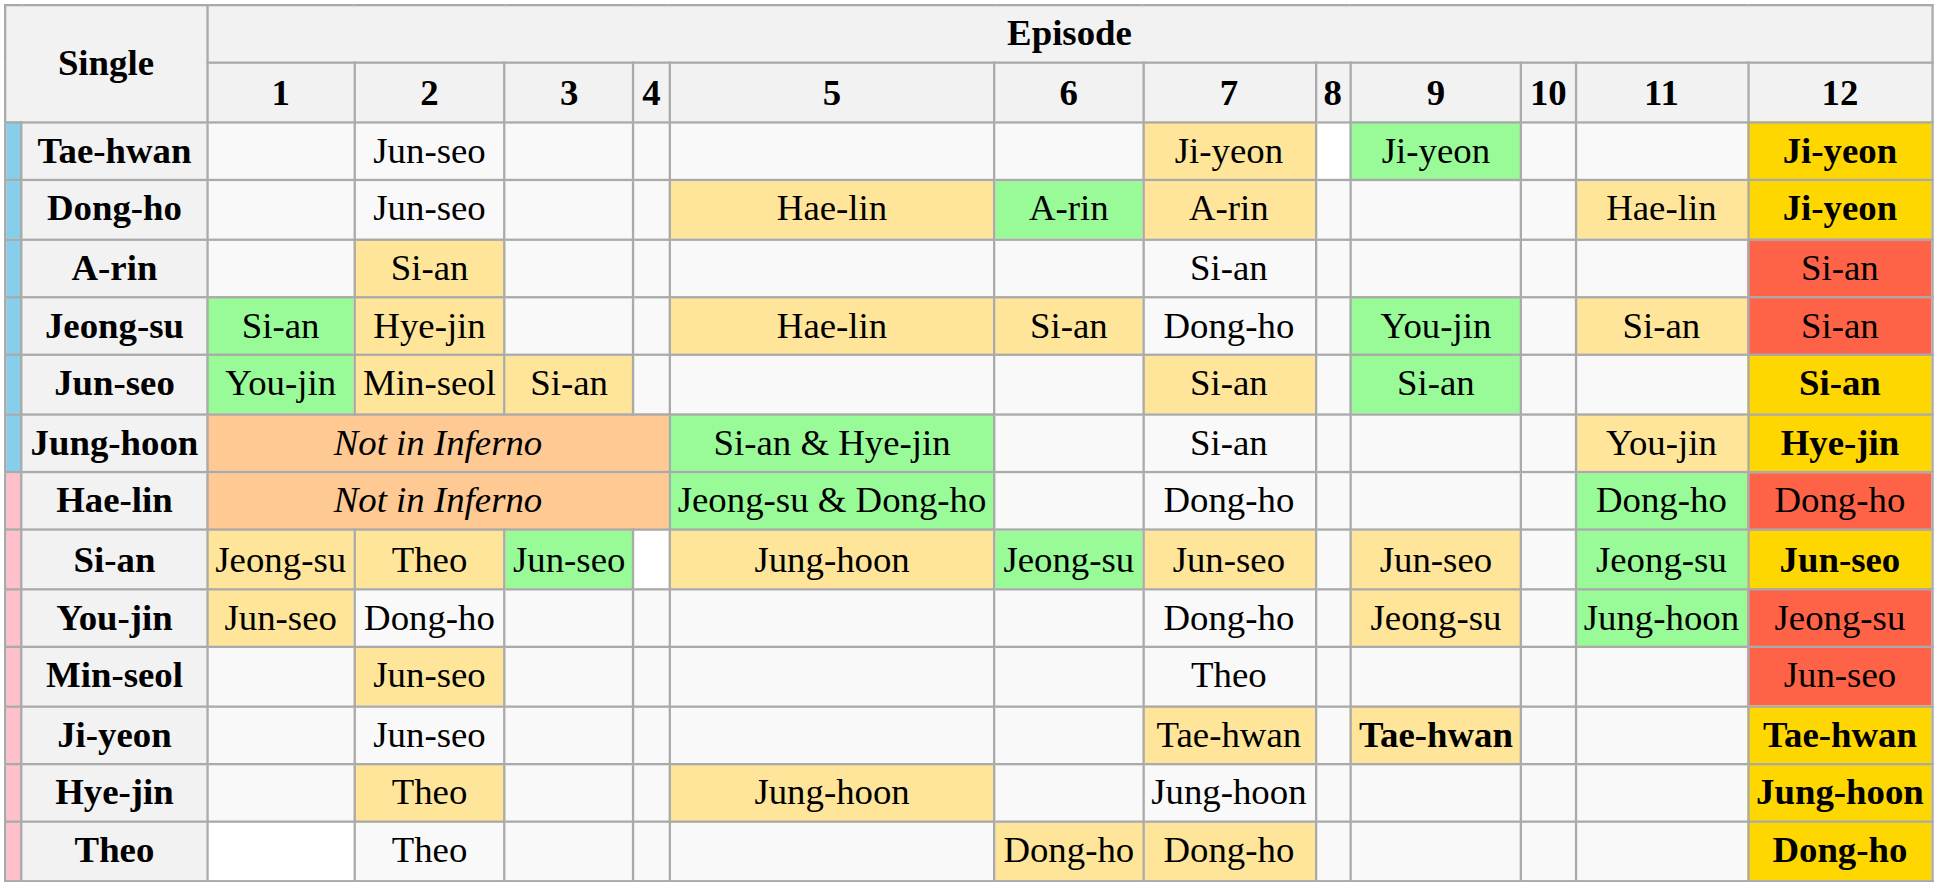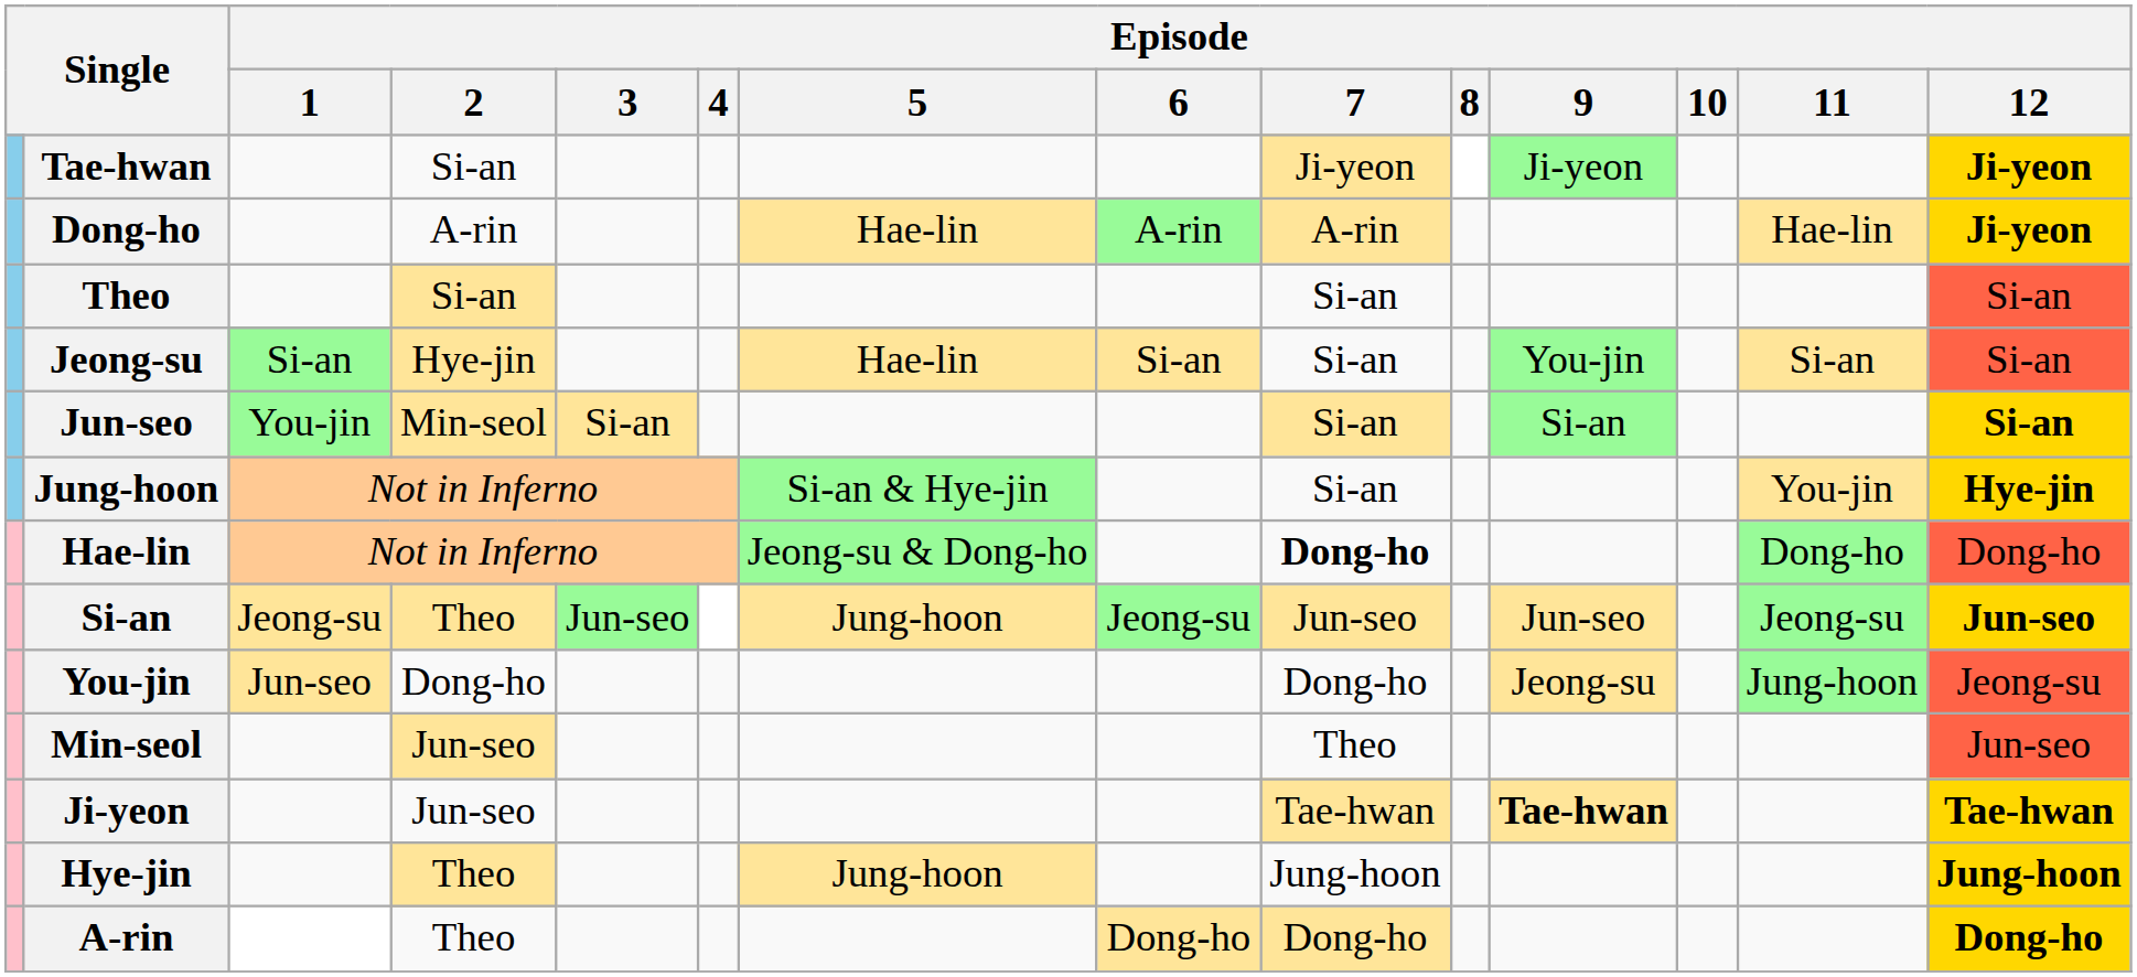 <table class="wikitable" style="text-align:center">
 <tr>
 <th colspan="2" rowspan="2">Single</th>
 <th colspan="14">Episode</th>
 </tr>
 <tr>
 <th>1</th>
 <th>2</th>
 <th>3</th>
 <th>4</th>
 <th>5</th>
 <th>6</th>
 <th>7</th>
 <th>8</th>
 <th>9</th>
 <th>10</th>
 <th>11</th>
 <th>12</th>
 </tr>
 <tr>
 <td style="background:skyblue"></td>
 <th>Tae-hwan</th>
 <td style="background:#white"></td>
-<td style="background:#white">Jun-seo</td>
+<td style="background:#white">Si-an</td>
 <td style="background:#white"></td>
 <td style="background:#white"></td>
 <td style="background:#white"></td>
 <td style="background:#white"></td>
 <td style="background:#ffe599">Ji-yeon</td>
 <td style="background:white"></td>
 <td style="background:palegreen">Ji-yeon</td>
 <td style="background:#white"></td>
 <td style="background:#white"></td>
 <td style="background:gold"><strong>Ji-yeon</strong></td>
 </tr>
 <tr>
 <td style="background:skyblue"></td>
 <th>Dong-ho</th>
 <td style="background:#white"></td>
-<td style="background:#white">Jun-seo</td>
+<td style="background:#white">A-rin</td>
 <td style="background:#white"></td>
 <td style="background:#white"></td>
 <td style="background:#ffe599">Hae-lin</td>
 <td style="background:palegreen">A-rin</td>
 <td style="background:#ffe599">A-rin</td>
 <td style="background:#white"></td>
 <td style="background:#white"></td>
 <td style="background:#white"></td>
 <td style="background:#ffe599">Hae-lin</td>
 <td style="background:gold"><strong>Ji-yeon</strong></td>
 </tr>
 <tr>
 <td style="background:skyblue"></td>
-<th>A-rin</th>
+<th>Theo</th>
 <td style="background:#white"></td>
 <td style="background:#ffe599">Si-an</td>
 <td style="background:#white"></td>
 <td style="background:#white"></td>
 <td style="background:#white"></td>
 <td style="background:#white"></td>
 <td style="background:#white">Si-an</td>
 <td style="background:#white"></td>
 <td style="background:#white"></td>
 <td style="background:#white"></td>
 <td style="background:#white"></td>
 <td style="background:tomato">Si-an</td>
 </tr>
 <tr>
 <td style="background:skyblue"></td>
 <th>Jeong-su</th>
 <td style="background:palegreen">Si-an</td>
 <td style="background:#ffe599">Hye-jin</td>
 <td style="background:#white"></td>
 <td style="background:#white"></td>
 <td style="background:#ffe599">Hae-lin</td>
 <td style="background:#ffe599">Si-an</td>
-<td style="background:#white">Dong-ho</td>
+<td style="background:#white">Si-an</td>
 <td style="background:#white"></td>
 <td style="background:palegreen">You-jin</td>
 <td style="background:#white"></td>
 <td style="background:#ffe599">Si-an</td>
 <td style="background:tomato">Si-an</td>
 </tr>
 <tr>
 <td style="background:skyblue"></td>
 <th>Jun-seo</th>
 <td style="background:palegreen">You-jin</td>
 <td style="background:#ffe599">Min-seol</td>
 <td style="background:#ffe599">Si-an</td>
 <td style="background:#white"></td>
 <td style="background:#white"></td>
 <td style="background:#white"></td>
 <td style="background:#ffe599">Si-an</td>
 <td style="background:#white"></td>
 <td style="background:palegreen">Si-an</td>
 <td style="background:#white"></td>
 <td style="background:#white"></td>
 <td style="background:gold"><strong>Si-an</strong></td>
 </tr>
 <tr>
 <td style="background:skyblue"></td>
 <th>Jung-hoon</th>
 <td colspan="4" style="background:#ffc993"><em>Not in Inferno</em></td>
 <td style="background:palegreen">Si-an & Hye-jin</td>
 <td style="background:#white"></td>
 <td style="background:#white">Si-an</td>
 <td style="background:#white"></td>
 <td style="background:#white"></td>
 <td style="background:#white"></td>
 <td style="background:#ffe599">You-jin</td>
 <td style="background:gold"><strong>Hye-jin</strong></td>
 </tr>
 <tr>
 <td style="background:pink"></td>
 <th>Hae-lin</th>
 <td colspan="4" style="background:#ffc993"><em>Not in Inferno</em></td>
 <td style="background:palegreen">Jeong-su & Dong-ho</td>
 <td style="background:#white"></td>
-<td style="background:#white">Dong-ho</td>
+<td style="background:#white"><strong>Dong-ho</strong></td>
 <td style="background:#white"></td>
 <td style="background:#white"></td>
 <td style="background:#white"></td>
 <td style="background:palegreen">Dong-ho</td>
 <td style="background:tomato">Dong-ho</td>
 </tr>
 <tr>
 <td style="background:pink"></td>
 <th>Si-an</th>
 <td style="background:#ffe599">Jeong-su</td>
 <td style="background:#ffe599">Theo</td>
 <td style="background:palegreen">Jun-seo</td>
 <td style="background:white"></td>
 <td style="background:#ffe599">Jung-hoon</td>
 <td style="background:palegreen">Jeong-su</td>
 <td style="background:#ffe599">Jun-seo</td>
 <td style="background:#white"></td>
 <td style="background:#ffe599">Jun-seo</td>
 <td style="background:#white"></td>
 <td style="background:palegreen">Jeong-su</td>
 <td style="background:gold"><strong>Jun-seo</strong></td>
 </tr>
 <tr>
 <td style="background:pink"></td>
 <th>You-jin</th>
 <td style="background:#ffe599">Jun-seo</td>
 <td style="background:#white">Dong-ho</td>
 <td style="background:#white"></td>
 <td style="background:#white"></td>
 <td style="background:#white"></td>
 <td style="background:#white"></td>
 <td style="background:#white">Dong-ho</td>
 <td style="background:#white"></td>
 <td style="background:#ffe599">Jeong-su</td>
 <td style="background:#white"></td>
 <td style="background:palegreen">Jung-hoon</td>
 <td style="background:tomato">Jeong-su</td>
 </tr>
 <tr>
 <td style="background:pink"></td>
 <th>Min-seol</th>
 <td style="background:#white"></td>
 <td style="background:#ffe599">Jun-seo</td>
 <td style="background:#white"></td>
 <td style="background:#white"></td>
 <td style="background:#white"></td>
 <td style="background:#white"></td>
 <td style="background:#white">Theo</td>
 <td style="background:#white"></td>
 <td style="background:#white"></td>
 <td style="background:#white"></td>
 <td style="background:#white"></td>
 <td style="background:tomato">Jun-seo</td>
 </tr>
 <tr>
 <td style="background:pink"></td>
 <th>Ji-yeon</th>
 <td style="background:#white"></td>
 <td style="background:#white">Jun-seo</td>
 <td style="background:#white"></td>
 <td style="background:#white"></td>
 <td style="background:#white"></td>
 <td style="background:#white"></td>
 <td style="background:#ffe599">Tae-hwan</td>
 <td style="background:#white"></td>
 <td style="background:#ffe599"><strong>Tae-hwan</strong></td>
 <td style="background:#white"></td>
 <td style="background:#white"></td>
 <td style="background:gold"><strong>Tae-hwan</strong></td>
 </tr>
 <tr>
 <td style="background:pink"></td>
 <th>Hye-jin</th>
 <td style="background:#white"></td>
 <td style="background:#ffe599">Theo</td>
 <td style="background:#white"></td>
 <td style="background:#white"></td>
 <td style="background:#ffe599">Jung-hoon</td>
 <td style="background:#white"></td>
 <td style="background:#white">Jung-hoon</td>
 <td style="background:#white"></td>
 <td style="background:#white"></td>
 <td style="background:#white"></td>
 <td style="background:#white"></td>
 <td style="background:gold"><strong>Jung-hoon</strong></td>
 </tr>
 <tr>
 <td style="background:pink"></td>
-<th>Theo</th>
+<th>A-rin</th>
 <td style="background:white"></td>
 <td style="background:#white">Theo</td>
 <td style="background:#white"></td>
 <td style="background:#white"></td>
 <td style="background:#white"></td>
 <td style="background:#ffe599">Dong-ho</td>
 <td style="background:#ffe599">Dong-ho</td>
 <td style="background:#white"></td>
 <td style="background:#white"></td>
 <td style="background:#white"></td>
 <td style="background:#white"></td>
 <td style="background:gold"><strong>Dong-ho</strong></td>
 </tr>
 <tr>
 </tr>
 </table>
